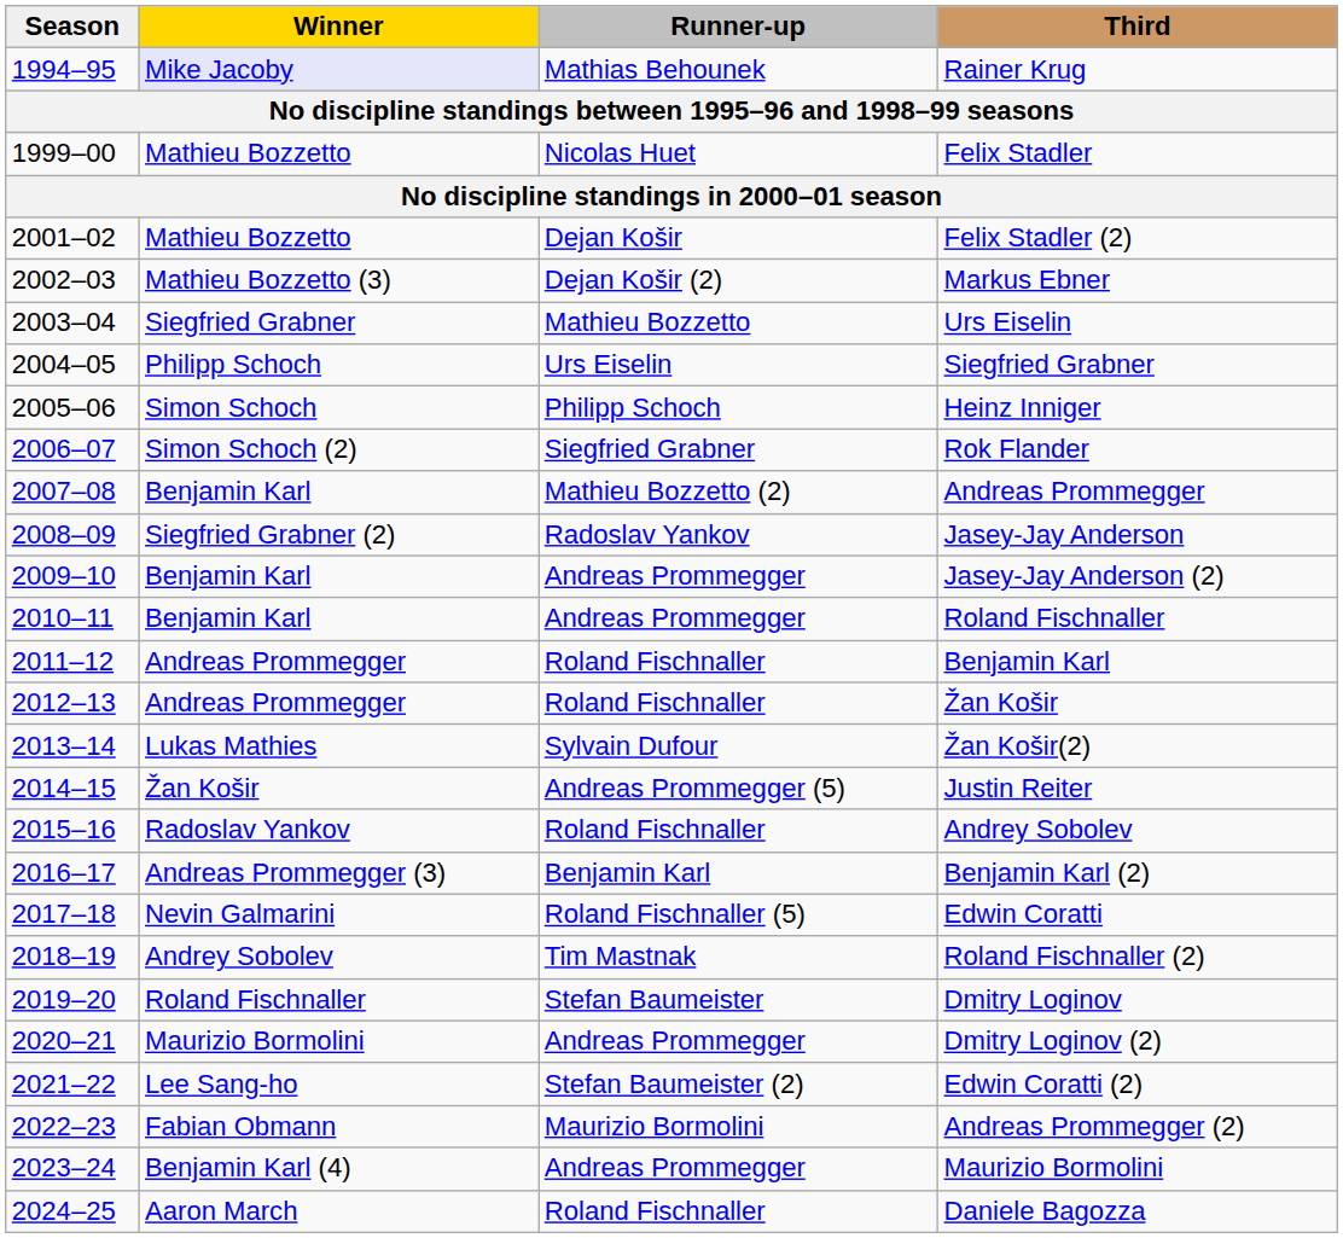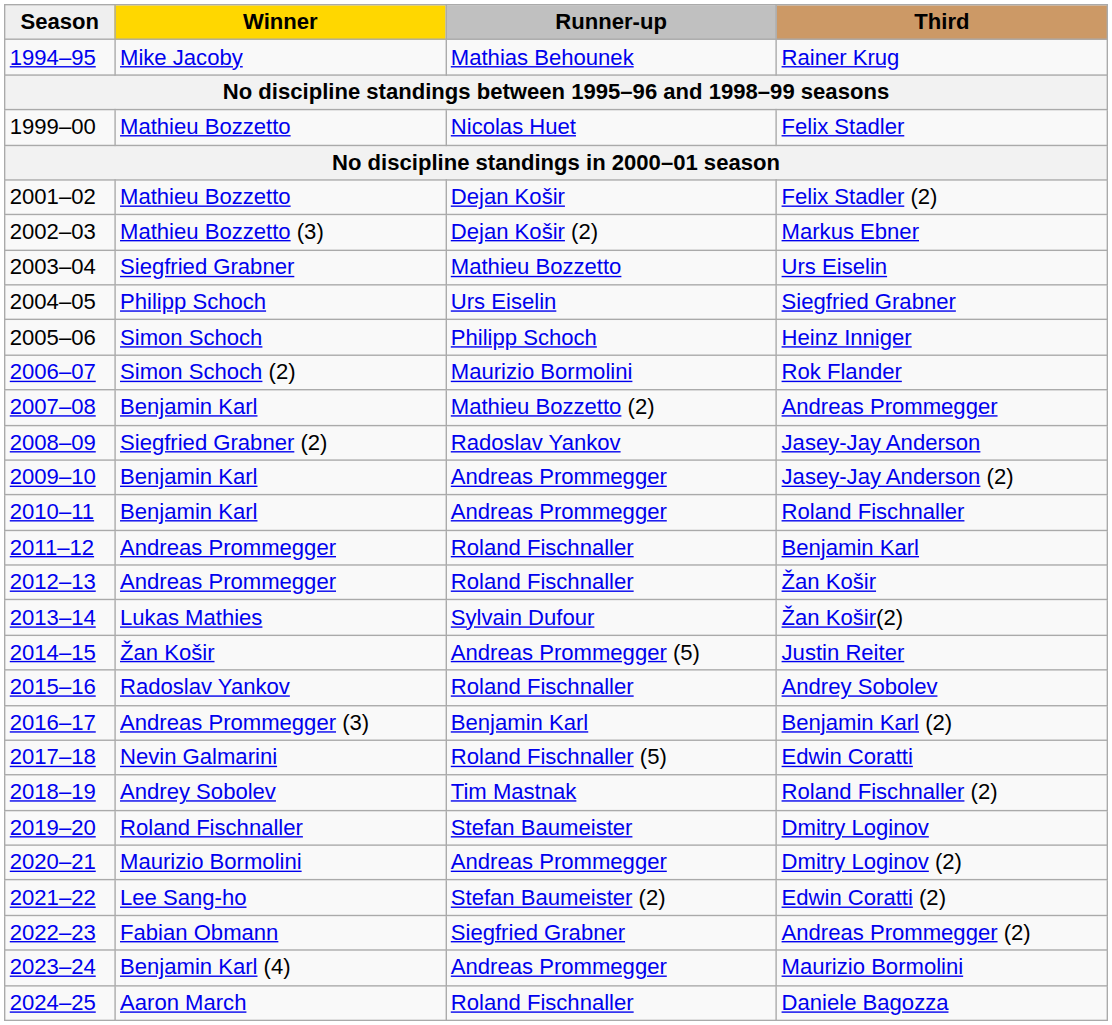 <table class="wikitable sortable" style="width:800px;">
 <tr>
 <th style="width:10%; background:#efefef;">Season</th>
 <th style="width:30%; background:gold">Winner</th>
 <th style="width:30%; background:silver">Runner-up</th>
 <th style="width:30%; background:#CC9966">Third</th>
 </tr>
 <tr>
 <td><a href='#'>1994–95</a></td>
-<td style="background: lavender;"> <a href='#'>Mike Jacoby</a></td>
+<td> <a href='#'>Mike Jacoby</a></td>
 <td> <a href='#'>Mathias Behounek</a></td>
 <td> <a href='#'>Rainer Krug</a></td>
 </tr>
 <tr>
 <th colspan=4>No discipline standings between 1995–96 and 1998–99 seasons</th>
 </tr>
 <tr>
 <td>1999–00</td>
 <td> <a href='#'>Mathieu Bozzetto</a></td>
 <td> <a href='#'>Nicolas Huet</a></td>
 <td> <a href='#'>Felix Stadler</a></td>
 </tr>
 <tr>
 <th colspan=4>No discipline standings in 2000–01 season</th>
 </tr>
 <tr>
 <td>2001–02</td>
 <td> <a href='#'>Mathieu Bozzetto</a></td>
 <td> <a href='#'>Dejan Košir</a></td>
 <td> <a href='#'>Felix Stadler</a> (2)</td>
 </tr>
 <tr>
 <td>2002–03</td>
 <td> <a href='#'>Mathieu Bozzetto</a> (3)</td>
 <td> <a href='#'>Dejan Košir</a> (2)</td>
 <td> <a href='#'>Markus Ebner</a></td>
 </tr>
 <tr>
 <td>2003–04</td>
 <td> <a href='#'>Siegfried Grabner</a></td>
 <td> <a href='#'>Mathieu Bozzetto</a></td>
 <td> <a href='#'>Urs Eiselin</a></td>
 </tr>
 <tr>
 <td>2004–05</td>
 <td> <a href='#'>Philipp Schoch</a></td>
 <td> <a href='#'>Urs Eiselin</a></td>
 <td> <a href='#'>Siegfried Grabner</a></td>
 </tr>
 <tr>
 <td>2005–06</td>
 <td> <a href='#'>Simon Schoch</a></td>
 <td> <a href='#'>Philipp Schoch</a></td>
 <td> <a href='#'>Heinz Inniger</a></td>
 </tr>
 <tr>
 <td><a href='#'>2006–07</a></td>
 <td> <a href='#'>Simon Schoch</a> (2)</td>
-<td> <a href='#'>Siegfried Grabner</a></td>
+<td> <a href='#'>Maurizio Bormolini</a></td>
 <td> <a href='#'>Rok Flander</a></td>
 </tr>
 <tr>
 <td><a href='#'>2007–08</a></td>
 <td> <a href='#'>Benjamin Karl</a></td>
 <td> <a href='#'>Mathieu Bozzetto</a> (2)</td>
 <td> <a href='#'>Andreas Prommegger</a></td>
 </tr>
 <tr>
 <td><a href='#'>2008–09</a></td>
 <td> <a href='#'>Siegfried Grabner</a> (2)</td>
 <td> <a href='#'>Radoslav Yankov</a></td>
 <td> <a href='#'>Jasey-Jay Anderson</a></td>
 </tr>
 <tr>
 <td><a href='#'>2009–10</a></td>
 <td> <a href='#'>Benjamin Karl</a></td>
 <td> <a href='#'>Andreas Prommegger</a></td>
 <td> <a href='#'>Jasey-Jay Anderson</a> (2)</td>
 </tr>
 <tr>
 <td><a href='#'>2010–11</a></td>
 <td> <a href='#'>Benjamin Karl</a></td>
 <td> <a href='#'>Andreas Prommegger</a></td>
 <td> <a href='#'>Roland Fischnaller</a></td>
 </tr>
 <tr>
 <td><a href='#'>2011–12</a></td>
 <td> <a href='#'>Andreas Prommegger</a></td>
 <td> <a href='#'>Roland Fischnaller</a></td>
 <td> <a href='#'>Benjamin Karl</a></td>
 </tr>
 <tr>
 <td><a href='#'>2012–13</a></td>
 <td> <a href='#'>Andreas Prommegger</a></td>
 <td> <a href='#'>Roland Fischnaller</a></td>
 <td> <a href='#'>Žan Košir</a></td>
 </tr>
 <tr>
 <td><a href='#'>2013–14</a></td>
 <td> <a href='#'>Lukas Mathies</a></td>
 <td> <a href='#'>Sylvain Dufour</a></td>
 <td> <a href='#'>Žan Košir</a>(2)</td>
 </tr>
 <tr>
 <td><a href='#'>2014–15</a></td>
 <td> <a href='#'>Žan Košir</a></td>
 <td> <a href='#'>Andreas Prommegger</a> (5)</td>
 <td> <a href='#'>Justin Reiter</a></td>
 </tr>
 <tr>
 <td><a href='#'>2015–16</a></td>
 <td> <a href='#'>Radoslav Yankov</a></td>
 <td> <a href='#'>Roland Fischnaller</a></td>
 <td> <a href='#'>Andrey Sobolev</a></td>
 </tr>
 <tr>
 <td><a href='#'>2016–17</a></td>
 <td> <a href='#'>Andreas Prommegger</a> (3)</td>
 <td> <a href='#'>Benjamin Karl</a></td>
 <td> <a href='#'>Benjamin Karl</a> (2)</td>
 </tr>
 <tr>
 <td><a href='#'>2017–18</a></td>
 <td> <a href='#'>Nevin Galmarini</a></td>
 <td> <a href='#'>Roland Fischnaller</a> (5)</td>
 <td> <a href='#'>Edwin Coratti</a></td>
 </tr>
 <tr>
 <td><a href='#'>2018–19</a></td>
 <td> <a href='#'>Andrey Sobolev</a></td>
 <td> <a href='#'>Tim Mastnak</a></td>
 <td> <a href='#'>Roland Fischnaller</a> (2)</td>
 </tr>
 <tr>
 <td><a href='#'>2019–20</a></td>
 <td> <a href='#'>Roland Fischnaller</a></td>
 <td> <a href='#'>Stefan Baumeister</a></td>
 <td> <a href='#'>Dmitry Loginov</a></td>
 </tr>
 <tr>
 <td><a href='#'>2020–21</a></td>
 <td> <a href='#'>Maurizio Bormolini</a></td>
 <td> <a href='#'>Andreas Prommegger</a></td>
 <td> <a href='#'>Dmitry Loginov</a> (2)</td>
 </tr>
 <tr>
 <td><a href='#'>2021–22</a></td>
 <td> <a href='#'>Lee Sang-ho</a></td>
 <td> <a href='#'>Stefan Baumeister</a> (2)</td>
 <td> <a href='#'>Edwin Coratti</a> (2)</td>
 </tr>
 <tr>
 <td><a href='#'>2022–23</a></td>
 <td> <a href='#'>Fabian Obmann</a></td>
-<td> <a href='#'>Maurizio Bormolini</a></td>
+<td> <a href='#'>Siegfried Grabner</a></td>
 <td> <a href='#'>Andreas Prommegger</a> (2)</td>
 </tr>
 <tr>
 <td><a href='#'>2023–24</a></td>
 <td> <a href='#'>Benjamin Karl</a> (4)</td>
 <td> <a href='#'>Andreas Prommegger</a></td>
 <td> <a href='#'>Maurizio Bormolini</a></td>
 </tr>
 <tr>
 <td><a href='#'>2024–25</a></td>
 <td> <a href='#'>Aaron March</a></td>
 <td> <a href='#'>Roland Fischnaller</a></td>
 <td> <a href='#'>Daniele Bagozza</a></td>
 </tr>
 </table>
